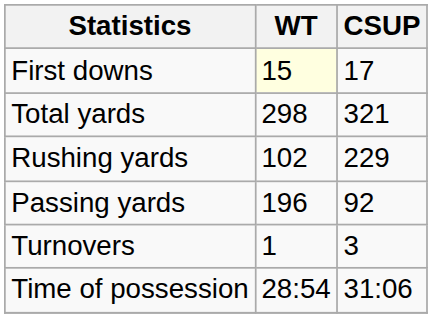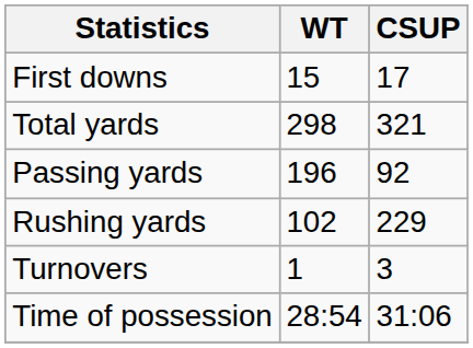 <table class="wikitable">
 <tr>
 <th>Statistics</th>
 <th>WT</th>
 <th>CSUP</th>
 </tr>
 <tr>
 <td>First downs</td>
-<td style="background: lightyellow;">15</td>
+<td>15</td>
 <td>17</td>
 </tr>
 <tr>
 <td>Total yards</td>
 <td>298</td>
 <td>321</td>
 </tr>
 <tr>
+<td>Passing yards</td>
+<td>196</td>
+<td>92</td>
+</tr>
+<tr>
 <td>Rushing yards</td>
 <td>102</td>
 <td>229</td>
-</tr>
-<tr>
-<td>Passing yards</td>
-<td>196</td>
-<td>92</td>
 </tr>
 <tr>
 <td>Turnovers</td>
 <td>1</td>
 <td>3</td>
 </tr>
 <tr>
 <td>Time of possession</td>
 <td>28:54</td>
 <td>31:06</td>
 </tr>
 <tr>
 </tr>
 </table>
